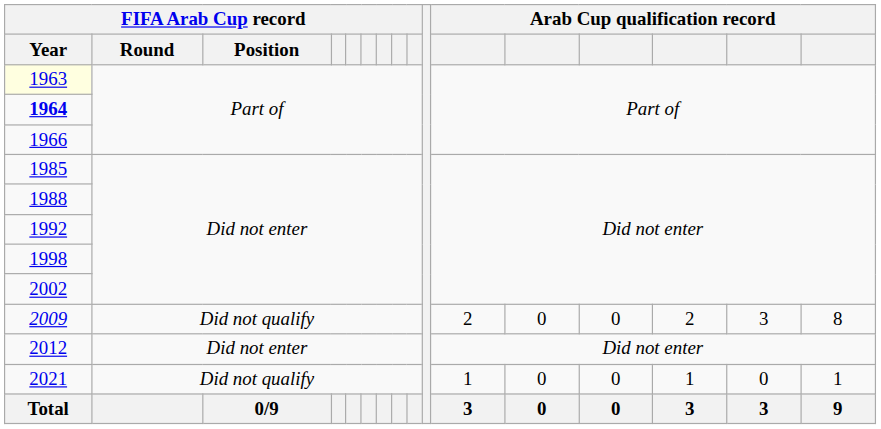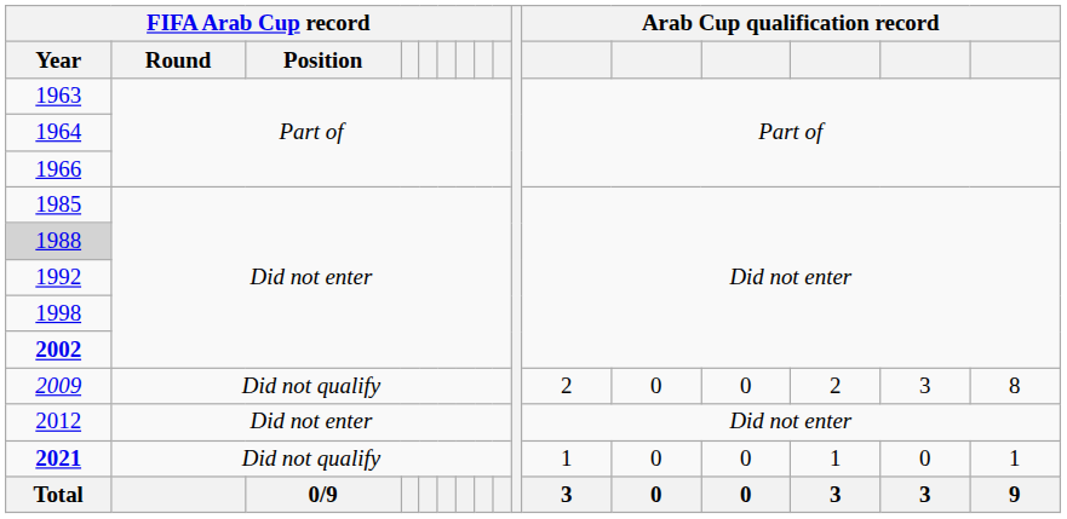 <table class="wikitable" style="text-align: center;">
 <tr>
 <th colspan=9><a href='#'>FIFA Arab Cup</a> record</th>
 <th width=1% rowspan=39></th>
 <th colspan=6>Arab Cup qualification record</th>
 </tr>
 <tr>
 <th>Year</th>
 <th>Round</th>
 <th>Position</th>
 <th></th>
 <th></th>
 <th></th>
 <th></th>
 <th></th>
 <th></th>
 <th></th>
 <th></th>
 <th></th>
 <th></th>
 <th></th>
 <th></th>
 </tr>
 <tr>
-<td style="background: lightyellow;"> <a href='#'>1963</a></td>
+<td> <a href='#'>1963</a></td>
 <td colspan=8 rowspan=3><em>Part of </em></td>
 <td colspan=8 rowspan=3><em>Part of </em></td>
 </tr>
 <tr>
-<td><strong> <a href='#'>1964</a></strong></td>
+<td> <a href='#'>1964</a></td>
 </tr>
 <tr>
 <td> <a href='#'>1966</a></td>
 </tr>
 <tr>
 <td> <a href='#'>1985</a></td>
 <td colspan=8 rowspan=5><em>Did not enter</em></td>
 <td colspan=8 rowspan=5><em>Did not enter</em></td>
 </tr>
 <tr>
-<td> <a href='#'>1988</a></td>
+<td style="background: lightgrey;"> <a href='#'>1988</a></td>
 </tr>
 <tr>
 <td> <a href='#'>1992</a></td>
 </tr>
 <tr>
 <td> <a href='#'>1998</a></td>
 </tr>
 <tr>
-<td> <a href='#'>2002</a></td>
+<td><strong> <a href='#'>2002</a></strong></td>
 </tr>
 <tr>
 <td> <em><a href='#'>2009</a></em></td>
 <td colspan=8><em>Did not qualify</em> </td>
 <td>2</td>
 <td>0</td>
 <td>0</td>
 <td>2</td>
 <td>3</td>
 <td>8</td>
 </tr>
 <tr>
 <td> <a href='#'>2012</a></td>
 <td colspan=8><em>Did not enter</em></td>
 <td colspan=8><em>Did not enter</em></td>
 </tr>
 <tr>
-<td> <a href='#'>2021</a></td>
+<td><strong> <a href='#'>2021</a></strong></td>
 <td colspan=8><em>Did not qualify</em></td>
 <td>1</td>
 <td>0</td>
 <td>0</td>
 <td>1</td>
 <td>0</td>
 <td>1</td>
 </tr>
 <tr>
 <th>Total</th>
 <th></th>
 <th>0/9</th>
 <th></th>
 <th></th>
 <th></th>
 <th></th>
 <th></th>
 <th></th>
 <th>3</th>
 <th>0</th>
 <th>0</th>
 <th>3</th>
 <th>3</th>
 <th>9</th>
 </tr>
 </table>
